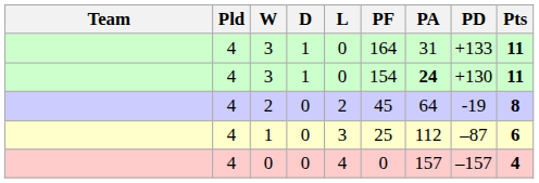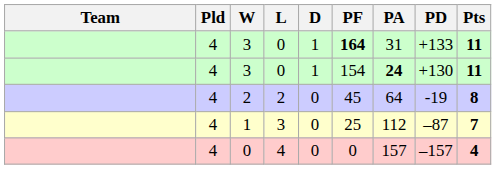 <table class="wikitable" style="text-align:center;">
 <tr>
 <th width=175>Team</th>
 <th width=25 abbr="Played">Pld</th>
 <th width=25 abbr="Won">W</th>
+<th width=25 abbr="Lost">L</th>
 <th width=25 abbr="Drawn">D</th>
-<th width=25 abbr="Lost">L</th>
 <th width=32 abbr="Points for">PF</th>
 <th width=32 abbr="Points against">PA</th>
 <th width=32 abbr="Points difference">PD</th>
 <th width=25 abbr="Points">Pts</th>
 </tr>
 <tr bgcolor=ccffcc>
 <td align=left></td>
 <td>4</td>
 <td>3</td>
+<td>0</td>
 <td>1</td>
-<td>0</td>
-<td>164</td>
+<td><strong>164</strong></td>
 <td>31</td>
 <td>+133</td>
 <td><strong>11</strong></td>
 </tr>
 <tr bgcolor=ccffcc>
 <td align=left></td>
 <td>4</td>
 <td>3</td>
+<td>0</td>
 <td>1</td>
-<td>0</td>
 <td>154</td>
 <td><strong>24</strong></td>
 <td>+130</td>
 <td><strong>11</strong></td>
 </tr>
 <tr bgcolor=ccccff>
 <td align=left></td>
 <td>4</td>
 <td>2</td>
+<td>2</td>
 <td>0</td>
-<td>2</td>
 <td>45</td>
 <td>64</td>
 <td>-19</td>
 <td><strong>8</strong></td>
 </tr>
 <tr bgcolor=ffffcc>
 <td align=left></td>
 <td>4</td>
 <td>1</td>
+<td>3</td>
 <td>0</td>
-<td>3</td>
 <td>25</td>
 <td>112</td>
 <td>–87</td>
-<td><strong>6</strong></td>
+<td><strong>7</strong></td>
 </tr>
 <tr bgcolor=ffcccc>
 <td align=left></td>
 <td>4</td>
 <td>0</td>
+<td>4</td>
 <td>0</td>
-<td>4</td>
 <td>0</td>
 <td>157</td>
 <td>–157</td>
 <td><strong>4</strong></td>
 </tr>
 </table>
